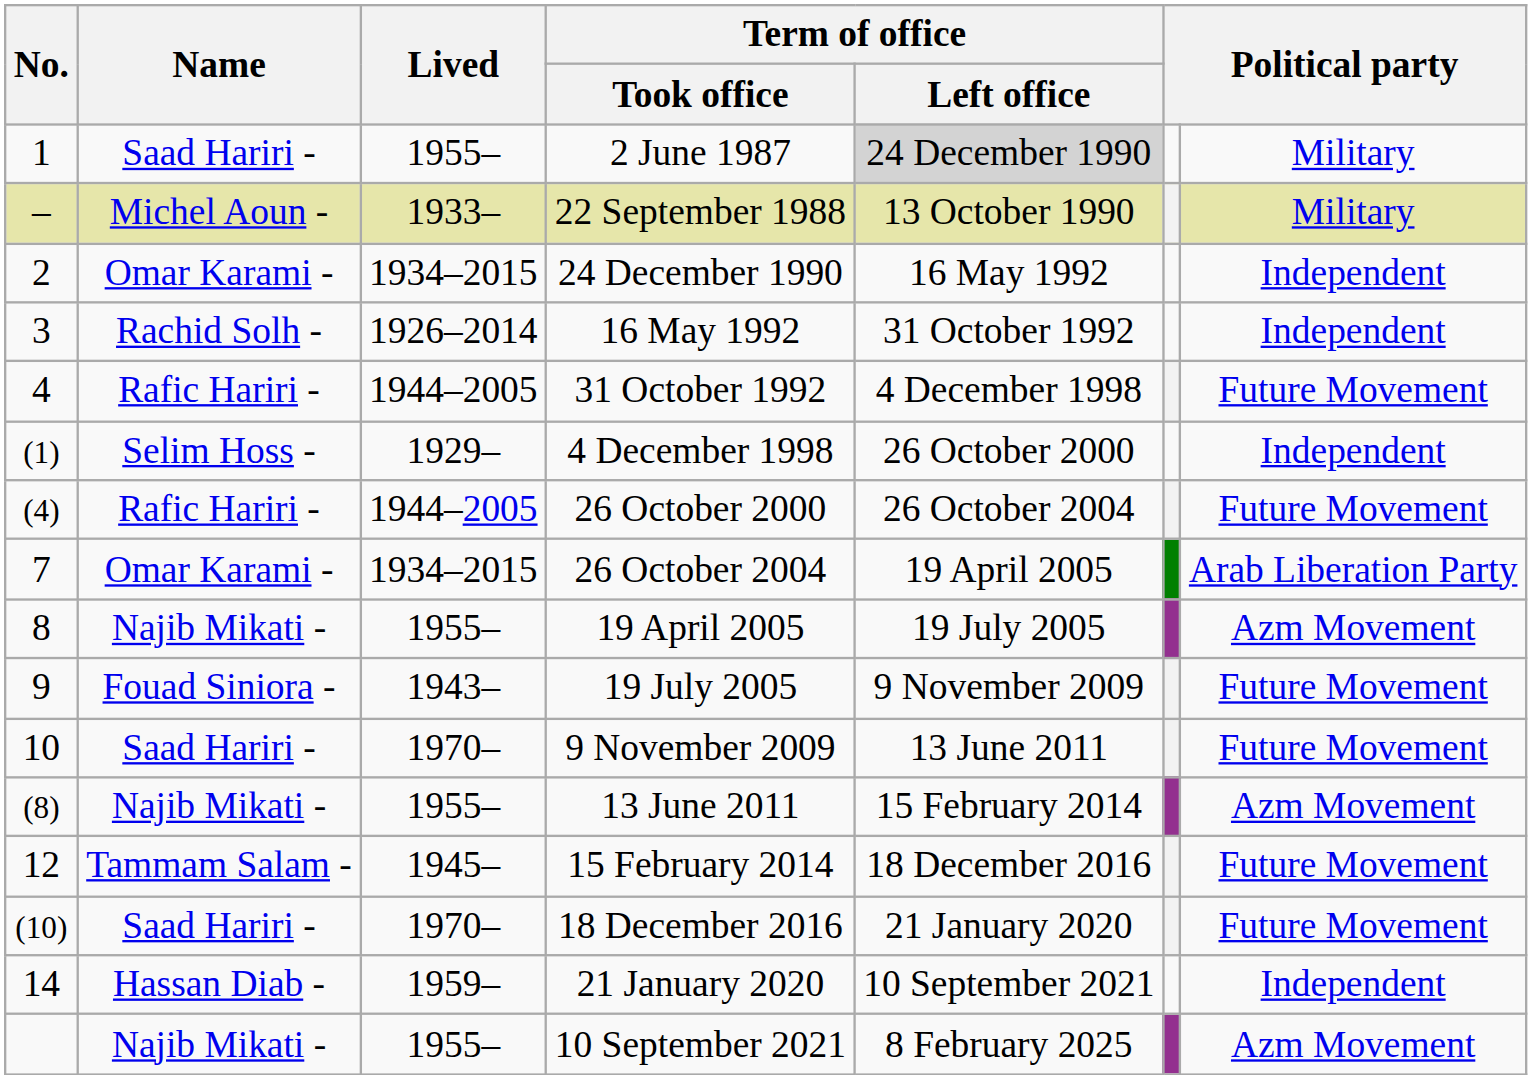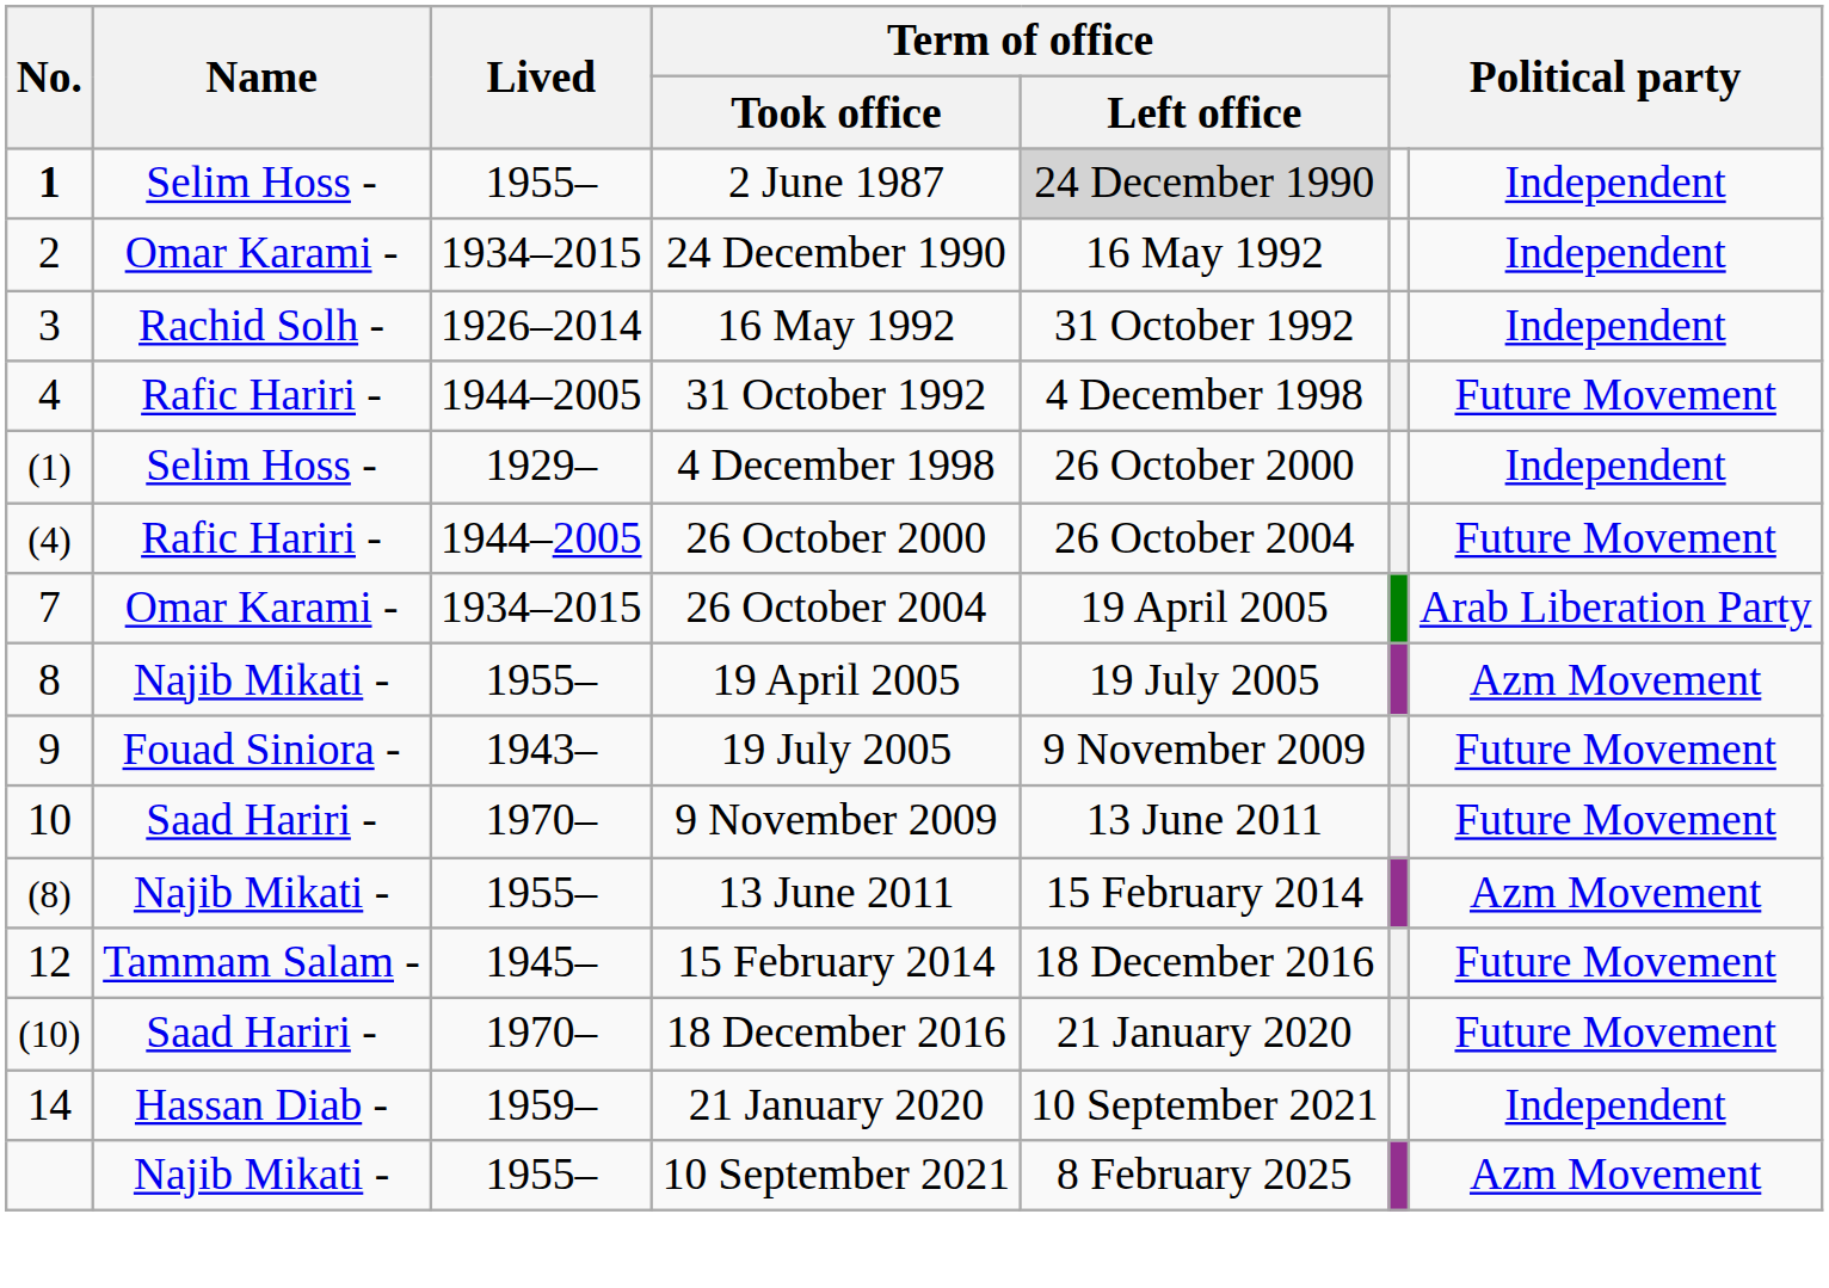 <table class="wikitable" style="text-align:center">
 <tr>
 <th rowspan="2">No.</th>
 <th rowspan="2">Name<br></th>
 <th rowspan="2">Lived</th>
 <th colspan="2">Term of office</th>
 <th colspan="2" rowspan="2">Political party</th>
 </tr>
 <tr>
 <th>Took office</th>
 <th>Left office</th>
 </tr>
 <tr>
-<td>1</td>
-<td><a href='#'>Saad Hariri</a> - </td>
+<td><strong>1</strong></td>
+<td><a href='#'>Selim Hoss</a> - </td>
 <td>1955–</td>
 <td>2 June 1987</td>
 <td style="background: lightgrey;">24 December 1990</td>
 <td></td>
-<td><a href='#'>Military</a></td>
-</tr>
-<tr style="background-color:#E6E6AA">
-<td>–</td>
-<td><a href='#'>Michel Aoun</a> - </td>
-<td>1933–</td>
-<td>22 September 1988</td>
-<td>13 October 1990</td>
-<th style="background-color:"></th>
-<td><a href='#'>Military</a></td>
+<td><a href='#'>Independent</a></td>
 </tr>
 <tr>
 <td>2</td>
 <td><a href='#'>Omar Karami</a> - </td>
 <td>1934–2015</td>
 <td>24 December 1990</td>
 <td>16 May 1992</td>
 <td></td>
 <td><a href='#'>Independent</a></td>
 </tr>
 <tr>
 <td>3</td>
 <td><a href='#'>Rachid Solh</a> - </td>
 <td>1926–2014</td>
 <td>16 May 1992</td>
 <td>31 October 1992</td>
 <td></td>
 <td><a href='#'>Independent</a></td>
 </tr>
 <tr>
 <td>4</td>
 <td><a href='#'>Rafic Hariri</a> - </td>
 <td>1944–2005</td>
 <td>31 October 1992</td>
 <td>4 December 1998</td>
 <th style="background-color:"></th>
 <td><a href='#'>Future Movement</a></td>
 </tr>
 <tr>
 <td><small>(1)</small></td>
 <td><a href='#'>Selim Hoss</a> - </td>
 <td>1929–</td>
 <td>4 December 1998</td>
 <td>26 October 2000</td>
 <td></td>
 <td><a href='#'>Independent</a></td>
 </tr>
 <tr>
 <td><small>(4)</small></td>
 <td><a href='#'>Rafic Hariri</a> - </td>
 <td>1944–<a href='#'>2005</a></td>
 <td>26 October 2000</td>
 <td>26 October 2004</td>
 <th style="background-color:"></th>
 <td><a href='#'>Future Movement</a></td>
 </tr>
 <tr>
 <td>7</td>
 <td><a href='#'>Omar Karami</a> - </td>
 <td>1934–2015</td>
 <td>26 October 2004</td>
 <td>19 April 2005</td>
 <th style="background-color:green;"></th>
 <td><a href='#'>Arab Liberation Party</a></td>
 </tr>
 <tr>
 <td>8</td>
 <td><a href='#'>Najib Mikati</a> - </td>
 <td>1955–</td>
 <td>19 April 2005</td>
 <td>19 July 2005</td>
 <th style="background-color:#93308F;"></th>
 <td><a href='#'>Azm Movement</a></td>
 </tr>
 <tr>
 <td>9</td>
 <td><a href='#'>Fouad Siniora</a> - </td>
 <td>1943–</td>
 <td>19 July 2005</td>
 <td>9 November 2009</td>
 <th style="background-color:"></th>
 <td><a href='#'>Future Movement</a></td>
 </tr>
 <tr>
 <td>10</td>
 <td><a href='#'>Saad Hariri</a> - </td>
 <td>1970–</td>
 <td>9 November 2009</td>
 <td>13 June 2011</td>
 <th style="background-color:"></th>
 <td><a href='#'>Future Movement</a></td>
 </tr>
 <tr>
 <td><small>(8)</small></td>
 <td><a href='#'>Najib Mikati</a> - </td>
 <td>1955–</td>
 <td>13 June 2011</td>
 <td>15 February 2014</td>
 <th style="background-color:#93308F;"></th>
 <td><a href='#'>Azm Movement</a></td>
 </tr>
 <tr>
 <td>12</td>
 <td><a href='#'>Tammam Salam</a> - </td>
 <td>1945–</td>
 <td>15 February 2014</td>
 <td>18 December 2016</td>
 <th style="background-color:"></th>
 <td><a href='#'>Future Movement</a></td>
 </tr>
 <tr>
 <td><small>(10)</small></td>
 <td><a href='#'>Saad Hariri</a> - </td>
 <td>1970–</td>
 <td>18 December 2016</td>
 <td>21 January 2020</td>
 <th style="background-color:"></th>
 <td><a href='#'>Future Movement</a></td>
 </tr>
 <tr>
 <td>14</td>
 <td><a href='#'>Hassan Diab</a> - </td>
 <td>1959–</td>
 <td>21 January 2020</td>
 <td>10 September 2021</td>
 <td></td>
 <td><a href='#'>Independent</a></td>
 </tr>
 <tr>
 <td></td>
 <td><a href='#'>Najib Mikati</a> - </td>
 <td>1955–</td>
 <td>10 September 2021</td>
 <td>8 February 2025</td>
 <th style="background-color:#93308F;"></th>
 <td><a href='#'>Azm Movement</a></td>
 </tr>
 </table>
